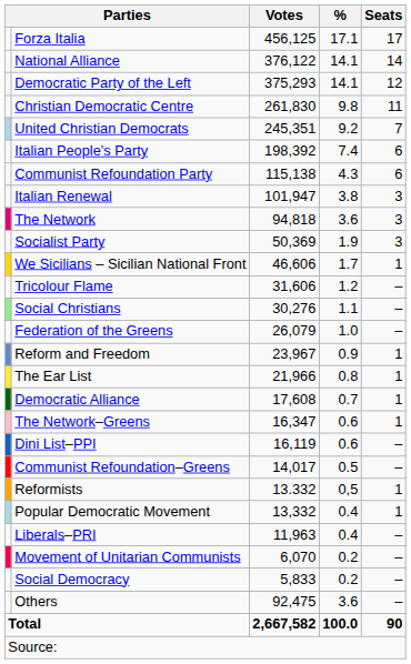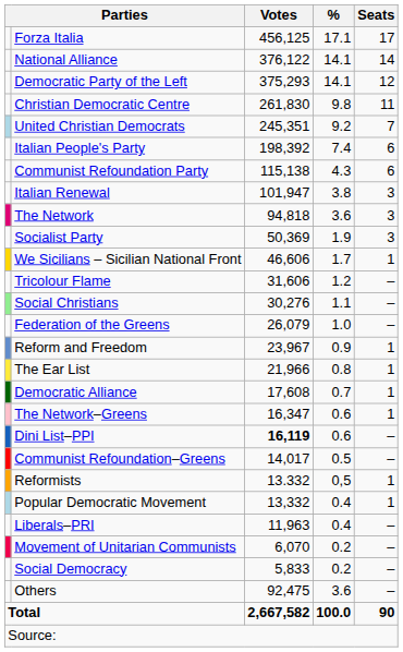 <table class="wikitable" style="font-size:100%">
 <tr>
 <th colspan="2">Parties</th>
 <th>Votes</th>
 <th>%</th>
 <th>Seats</th>
 </tr>
 <tr>
 <td></td>
 <td><a href='#'>Forza Italia</a></td>
 <td align=right>456,125</td>
 <td align=right>17.1</td>
 <td align=right>17</td>
 </tr>
 <tr>
 <td></td>
 <td><a href='#'>National Alliance</a></td>
 <td align=right>376,122</td>
 <td align=right>14.1</td>
 <td align=right>14</td>
 </tr>
 <tr>
 <td></td>
 <td><a href='#'>Democratic Party of the Left</a></td>
 <td align=right>375,293</td>
 <td align=right>14.1</td>
 <td align=right>12</td>
 </tr>
 <tr>
 <td></td>
 <td><a href='#'>Christian Democratic Centre</a></td>
 <td align=right>261,830</td>
 <td align=right>9.8</td>
 <td align=right>11</td>
 </tr>
 <tr>
 <td bgcolor="lightblue"></td>
 <td><a href='#'>United Christian Democrats</a></td>
 <td align=right>245,351</td>
 <td align=right>9.2</td>
 <td align=right>7</td>
 </tr>
 <tr>
 <td></td>
 <td><a href='#'>Italian People's Party</a></td>
 <td align=right>198,392</td>
 <td align=right>7.4</td>
 <td align=right>6</td>
 </tr>
 <tr>
 <td></td>
 <td><a href='#'>Communist Refoundation Party</a></td>
 <td align=right>115,138</td>
 <td align=right>4.3</td>
 <td align=right>6</td>
 </tr>
 <tr>
 <td></td>
 <td><a href='#'>Italian Renewal</a></td>
 <td align=right>101,947</td>
 <td align=right>3.8</td>
 <td align=right>3</td>
 </tr>
 <tr>
 <td bgcolor="#DF0174"></td>
 <td><a href='#'>The Network</a></td>
 <td align=right>94,818</td>
 <td align=right>3.6</td>
 <td align=right>3</td>
 </tr>
 <tr>
 <td></td>
 <td><a href='#'>Socialist Party</a></td>
 <td align=right>50,369</td>
 <td align=right>1.9</td>
 <td align=right>3</td>
 </tr>
 <tr>
 <td bgcolor="gold"></td>
 <td><a href='#'>We Sicilians</a> – Sicilian National Front</td>
 <td align=right>46,606</td>
 <td align=right>1.7</td>
 <td align=right>1</td>
 </tr>
 <tr>
 <td></td>
 <td><a href='#'>Tricolour Flame</a></td>
 <td align=right>31,606</td>
 <td align=right>1.2</td>
 <td align=right>–</td>
 </tr>
 <tr>
 <td bgcolor="lightgreen"></td>
 <td><a href='#'>Social Christians</a></td>
 <td align=right>30,276</td>
 <td align=right>1.1</td>
 <td align=right>–</td>
 </tr>
 <tr>
 <td></td>
 <td><a href='#'>Federation of the Greens</a></td>
 <td align=right>26,079</td>
 <td align=right>1.0</td>
 <td align=right>–</td>
 </tr>
 <tr>
 <td bgcolor="#608CCC"></td>
 <td>Reform and Freedom</td>
 <td align=right>23,967</td>
 <td align=right>0.9</td>
 <td align=right>1</td>
 </tr>
 <tr>
 <td bgcolor="#FFEB3B"></td>
 <td>The Ear List</td>
 <td align=right>21,966</td>
 <td align=right>0.8</td>
 <td align=right>1</td>
 </tr>
 <tr>
 <td bgcolor="darkgreen"></td>
 <td><a href='#'>Democratic Alliance</a></td>
 <td align=right>17,608</td>
 <td align=right>0.7</td>
 <td align=right>1</td>
 </tr>
 <tr>
 <td bgcolor="pink"></td>
 <td><a href='#'>The Network</a>–<a href='#'>Greens</a></td>
 <td align=right>16,347</td>
 <td align=right>0.6</td>
 <td align=right>1</td>
 </tr>
 <tr>
 <td bgcolor="#1560BD"></td>
 <td><a href='#'>Dini List</a>–<a href='#'>PPI</a></td>
-<td align=right>16,119</td>
+<td align=right><strong>16,119</strong></td>
 <td align=right>0.6</td>
 <td align=right>–</td>
 </tr>
 <tr>
 <td bgcolor="red"></td>
 <td><a href='#'>Communist Refoundation</a>–<a href='#'>Greens</a></td>
 <td align=right>14,017</td>
 <td align=right>0.5</td>
 <td align=right>–</td>
 </tr>
 <tr>
 <td bgcolor="orange"></td>
 <td>Reformists</td>
 <td align=right>13.332</td>
 <td align=right>0,5</td>
 <td align=right>1</td>
 </tr>
 <tr>
 <td bgcolor="lightblue"></td>
 <td>Popular Democratic Movement</td>
 <td align=right>13,332</td>
 <td align=right>0.4</td>
 <td align=right>1</td>
 </tr>
 <tr>
 <td></td>
 <td><a href='#'>Liberals</a>–<a href='#'>PRI</a></td>
 <td align=right>11,963</td>
 <td align=right>0.4</td>
 <td align=right>–</td>
 </tr>
 <tr>
 <td bgcolor="#F0004D"></td>
 <td><a href='#'>Movement of Unitarian Communists</a></td>
 <td align=right>6,070</td>
 <td align=right>0.2</td>
 <td align=right>–</td>
 </tr>
 <tr>
 <td></td>
 <td><a href='#'>Social Democracy</a></td>
 <td align=right>5,833</td>
 <td align=right>0.2</td>
 <td align=right>–</td>
 </tr>
 <tr>
 <td></td>
 <td>Others</td>
 <td align=right>92,475</td>
 <td align=right>3.6</td>
 <td align=right>–</td>
 </tr>
 <tr>
 <td colspan=2><strong>Total</strong></td>
 <td align=right><strong>2,667,582</strong></td>
 <td align=right><strong>100.0</strong></td>
 <td align=right><strong>90</strong></td>
 </tr>
 <tr>
 <td colspan=5>Source: </td>
 </tr>
 </table>
